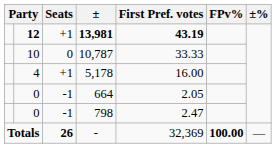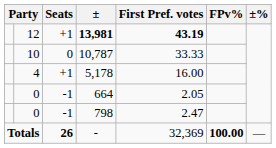 <table class=wikitable>
 <tr>
 <th colspan=2 align=center>Party</th>
 <th valign=top>Seats</th>
 <th valign=top>±</th>
 <th valign=top>First Pref. votes</th>
 <th valign=top>FPv%</th>
 <th valign=top>±%</th>
 </tr>
 <tr>
 <td></td>
-<td align=right><strong>12</strong></td>
+<td align=right>12</td>
 <td align=right>+1</td>
 <td align=right><strong>13,981</strong></td>
 <td align=right><strong>43.19</strong></td>
 <td align=right></td>
 </tr>
 <tr>
 <td></td>
 <td align=right>10</td>
 <td align=right>0</td>
 <td align=right>10,787</td>
 <td align=right>33.33</td>
 <td align=right></td>
 </tr>
 <tr>
 <td></td>
 <td align=right>4</td>
 <td align=right>+1</td>
 <td align=right>5,178</td>
 <td align=right>16.00</td>
 <td align=right></td>
 </tr>
 <tr>
 <td></td>
 <td align=right>0</td>
 <td align=right>-1</td>
 <td align=right>664</td>
 <td align=right>2.05</td>
 <td align=right></td>
 </tr>
 <tr>
 <td></td>
 <td align=right>0</td>
 <td align=right>-1</td>
 <td align=right>798</td>
 <td align=right>2.47</td>
 <td align=right></td>
 </tr>
 <tr>
 <td colspan=2 align=center><strong>Totals</strong></td>
 <td align=right><strong>26</strong></td>
 <td align=center>-</td>
 <td align=right>32,369</td>
 <td align=center><strong>100.00</strong></td>
 <td align=center>—</td>
 </tr>
 </table>
